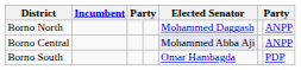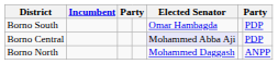 <table class="sortable wikitable" style="font-size:95%;line-height:14px;">
 <tr>
 <th class="unsortable">District</th>
 <th class="unsortable"><a href='#'>Incumbent</a></th>
 <th colspan="2">Party</th>
 <th class="unsortable">Elected Senator</th>
 <th colspan="2">Party</th>
+</tr>
+<tr>
+<td>Borno South</td>
+<td></td>
+<td></td>
+<td></td>
+<td><a href='#'>Omar Hambagda</a></td>
+<td style="background:"></td>
+<td><a href='#'>PDP</a></td>
+</tr>
+<tr>
+<td>Borno Central</td>
+<td></td>
+<td></td>
+<td></td>
+<td style="background: lavender;">Mohammed Abba Aji</td>
+<td style="background:"></td>
+<td><a href='#'>PDP</a></td>
 </tr>
 <tr>
 <td>Borno North</td>
 <td></td>
 <td></td>
 <td></td>
 <td><a href='#'>Mohammed Daggash</a></td>
 <td style="background:"></td>
 <td><a href='#'>ANPP</a></td>
 </tr>
-<tr>
-<td>Borno Central</td>
-<td></td>
-<td></td>
-<td></td>
-<td style="background: lavender;">Mohammed Abba Aji</td>
-<td style="background:"></td>
-<td><a href='#'>ANPP</a></td>
-</tr>
-<tr>
-<td>Borno South</td>
-<td></td>
-<td></td>
-<td></td>
-<td><a href='#'>Omar Hambagda</a></td>
-<td style="background:"></td>
-<td><a href='#'>PDP</a></td>
-</tr>
 </table>
